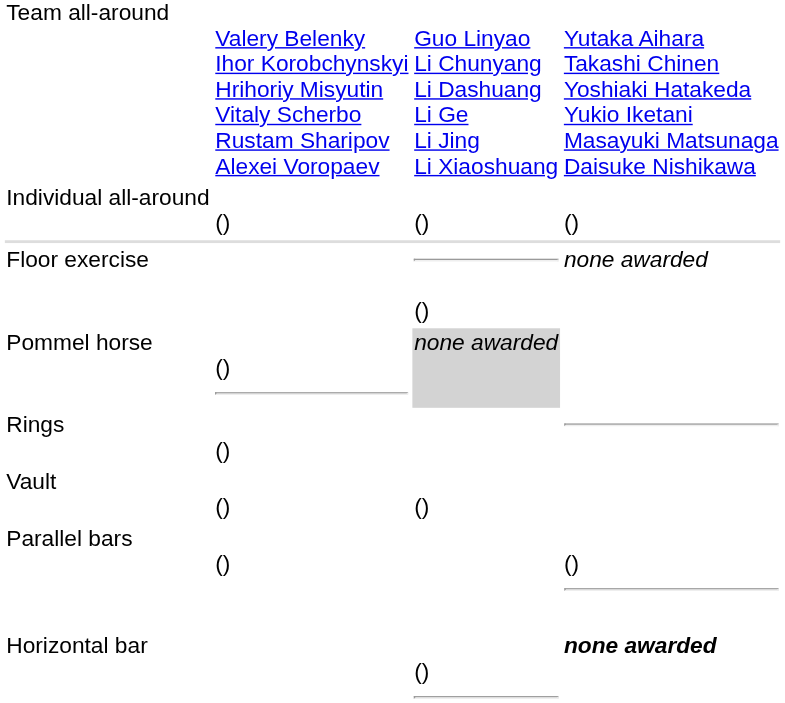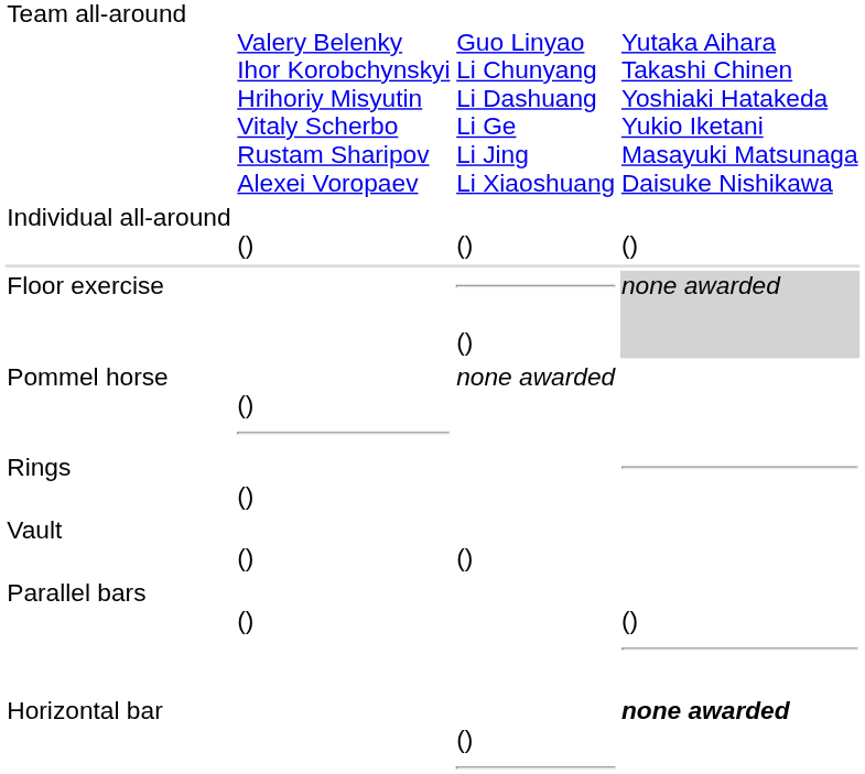 <table>
 <tr valign="top">
 <td>Team all-around<br></td>
 <td><br><a href='#'>Valery Belenky</a><br><a href='#'>Ihor Korobchynskyi</a><br><a href='#'>Hrihoriy Misyutin</a><br><a href='#'>Vitaly Scherbo</a><br><a href='#'>Rustam Sharipov</a><br><a href='#'>Alexei Voropaev</a></td>
 <td><br><a href='#'>Guo Linyao</a><br><a href='#'>Li Chunyang</a><br><a href='#'>Li Dashuang</a><br><a href='#'>Li Ge</a><br><a href='#'>Li Jing</a><br><a href='#'>Li Xiaoshuang</a></td>
 <td><br><a href='#'>Yutaka Aihara</a><br><a href='#'>Takashi Chinen</a><br><a href='#'>Yoshiaki Hatakeda</a><br><a href='#'>Yukio Iketani</a><br><a href='#'>Masayuki Matsunaga</a><br><a href='#'>Daisuke Nishikawa</a></td>
 </tr>
 <tr valign="top">
 <td>Individual all-around<br></td>
 <td><br>()</td>
 <td><br>()</td>
 <td><br>()</td>
 </tr>
 <tr bgcolor=#DDDDDD>
 <td colspan=7></td>
 </tr>
 <tr valign="top">
 <td>Floor exercise<br></td>
 <td></td>
 <td><hr><br>()</td>
-<td><em>none awarded</em></td>
+<td style="background: lightgrey;"><em>none awarded</em></td>
 </tr>
 <tr valign="top">
 <td>Pommel horse<br></td>
 <td><br>()<hr></td>
-<td style="background: lightgrey;"><em>none awarded</em></td>
+<td><em>none awarded</em></td>
 <td></td>
 </tr>
 <tr valign="top">
 <td>Rings<br></td>
 <td><br>()</td>
 <td></td>
 <td><hr></td>
 </tr>
 <tr valign="top">
 <td>Vault<br></td>
 <td><br>()</td>
 <td><br>()</td>
 <td></td>
 </tr>
 <tr valign="top">
 <td>Parallel bars<br></td>
 <td><br>()</td>
 <td></td>
 <td><br>()<hr><br></td>
 </tr>
 <tr valign="top">
 <td>Horizontal bar<br></td>
 <td></td>
 <td><br>()<hr></td>
 <td><strong><em>none awarded</em></strong></td>
 </tr>
 </table>
